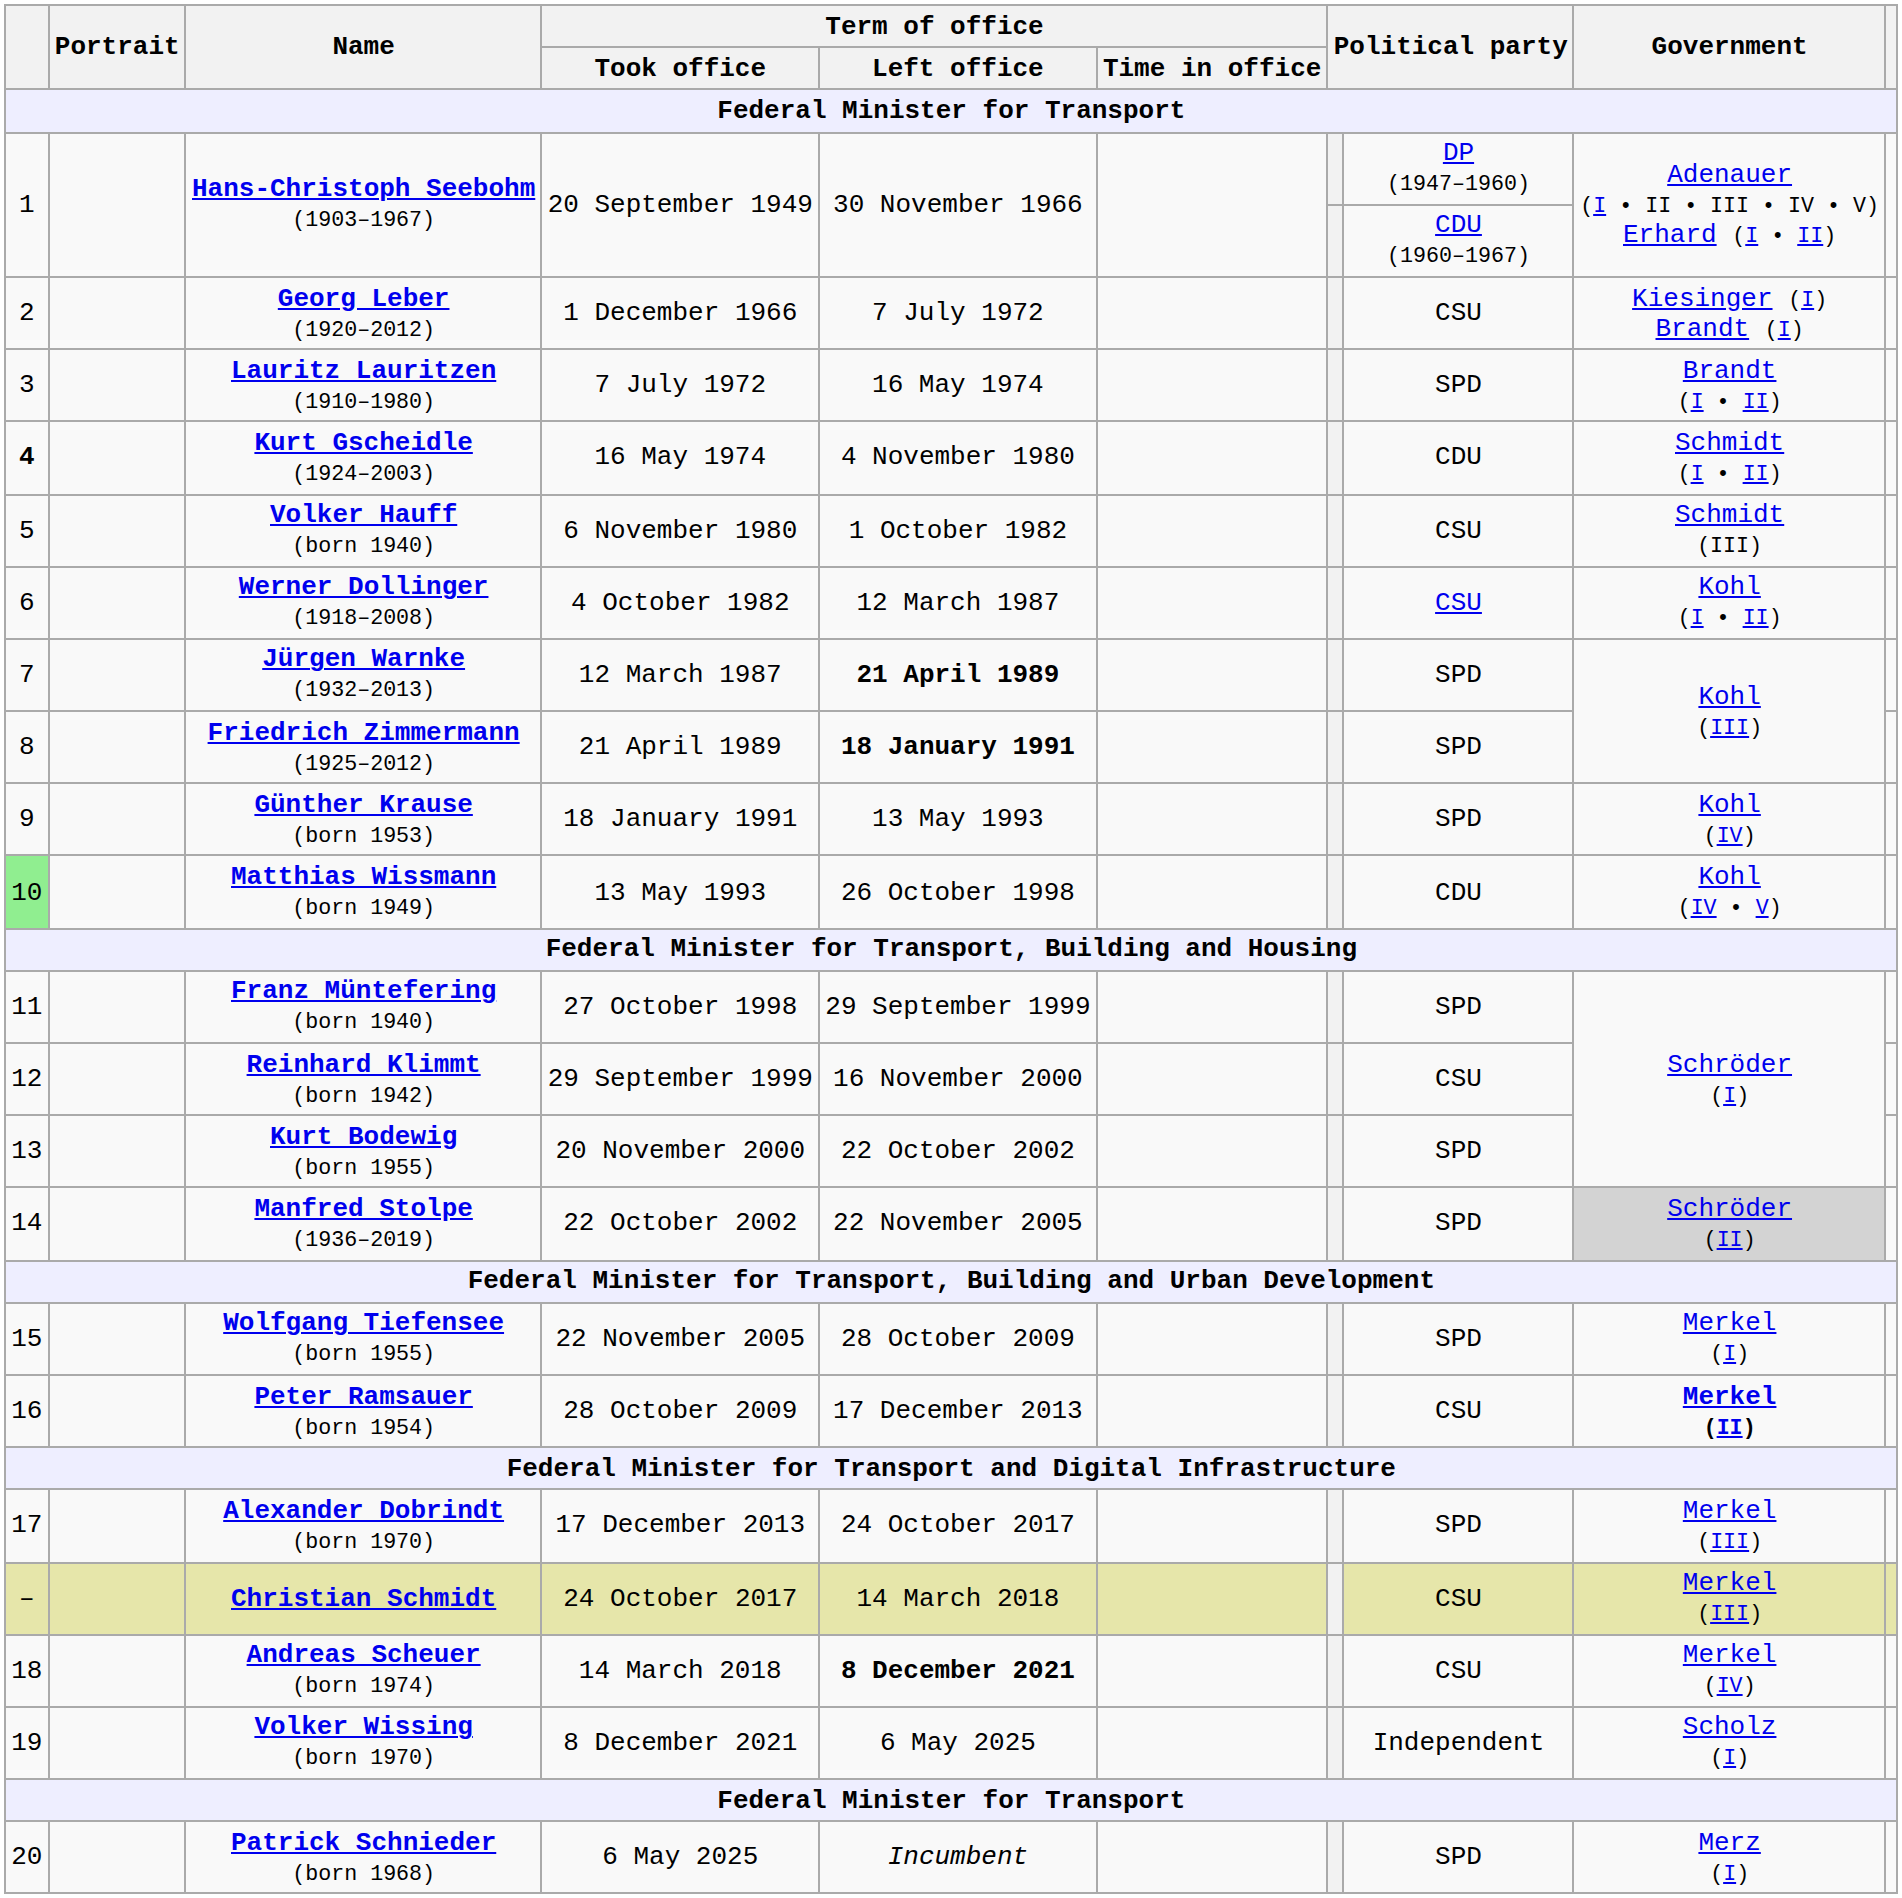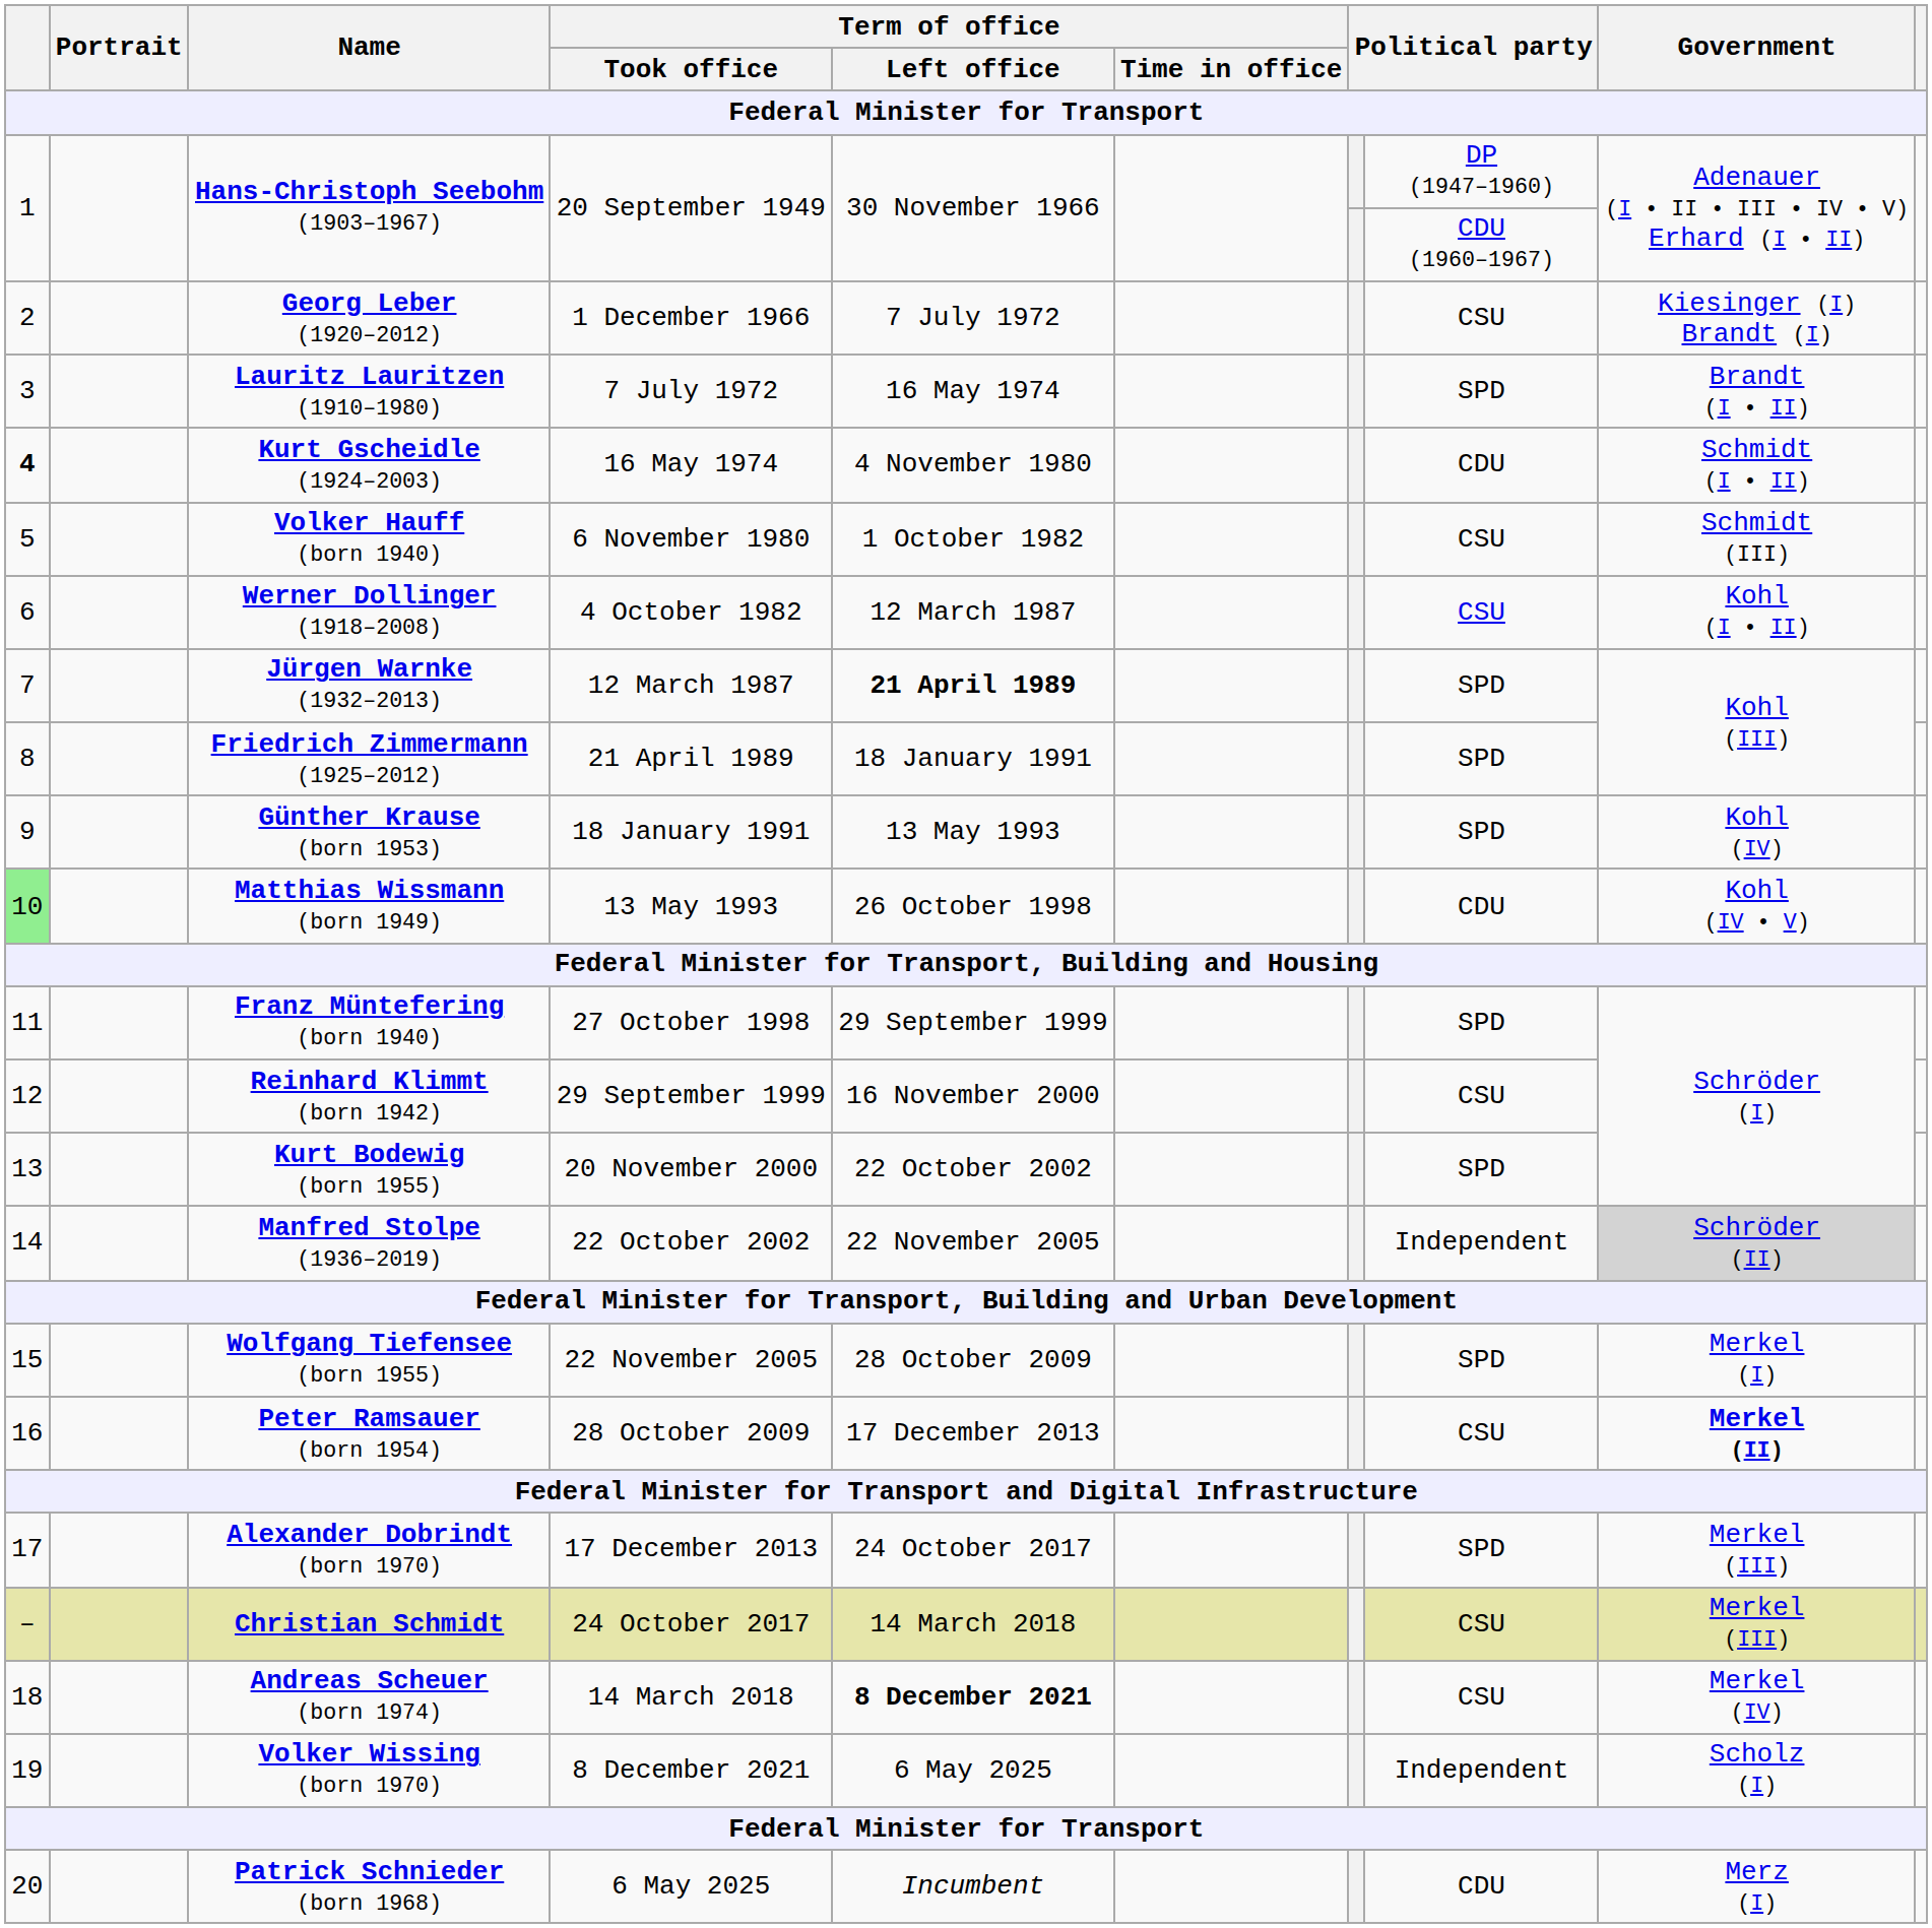 <table class="wikitable" style="text-align:center">
 <tr>
 <th rowspan="2"></th>
 <th rowspan="2">Portrait</th>
 <th rowspan="2">Name<br></th>
 <th colspan="3">Term of office</th>
 <th colspan="2" rowspan="2">Political party</th>
 <th rowspan="2">Government</th>
 <th rowspan="2"></th>
 </tr>
 <tr>
 <th>Took office</th>
 <th>Left office</th>
 <th>Time in office</th>
 </tr>
 <tr>
 <th style="background:#EEEEFF" align="center" colspan="10">Federal Minister for Transport</th>
 </tr>
 <tr>
 <td rowspan=2>1</td>
 <td rowspan=2></td>
 <td rowspan=2><strong><a href='#'>Hans-Christoph Seebohm</a></strong><br><small>(1903–1967)</small></td>
 <td rowspan=2>20 September 1949</td>
 <td rowspan=2>30 November 1966</td>
 <td rowspan=2></td>
 <th style="background:"></th>
 <td><a href='#'>DP</a><br><small>(1947–1960)</small></td>
 <td rowspan=2><a href='#'>Adenauer</a><br><small>(<a href='#'>I</a> • II • III • IV • V)</small><br><a href='#'>Erhard</a> <small>(<a href='#'>I</a> • <a href='#'>II</a>)</small></td>
 <td rowspan=2></td>
 </tr>
 <tr>
 <th style="background:"></th>
 <td><a href='#'>CDU</a><br><small>(1960–1967)</small></td>
 </tr>
 <tr>
 <td>2</td>
 <td></td>
 <td><strong><a href='#'>Georg Leber</a></strong><br><small>(1920–2012)</small></td>
 <td>1 December 1966</td>
 <td>7 July 1972</td>
 <td></td>
 <th style="background:"></th>
 <td>CSU</td>
 <td><a href='#'>Kiesinger</a> <small>(<a href='#'>I</a>)</small><br> <a href='#'>Brandt</a> <small>(<a href='#'>I</a>)</small></td>
 <td></td>
 </tr>
 <tr>
 <td>3</td>
 <td></td>
 <td><strong><a href='#'>Lauritz Lauritzen</a></strong><br><small>(1910–1980)</small></td>
 <td>7 July 1972</td>
 <td>16 May 1974</td>
 <td></td>
 <th style="background:"></th>
 <td>SPD</td>
 <td><a href='#'>Brandt</a><br><small>(<a href='#'>I</a> • <a href='#'>II</a>)</small></td>
 </tr>
 <tr>
 <td><strong>4</strong></td>
 <td></td>
 <td><strong><a href='#'>Kurt Gscheidle</a></strong><br><small>(1924–2003)</small></td>
 <td>16 May 1974</td>
 <td>4 November 1980</td>
 <td></td>
 <th style="background:"></th>
 <td>CDU</td>
 <td><a href='#'>Schmidt</a><br><small>(<a href='#'>I</a> • <a href='#'>II</a>)</small></td>
 <td></td>
 </tr>
 <tr>
 <td>5</td>
 <td></td>
 <td><strong><a href='#'>Volker Hauff</a></strong><br><small>(born 1940)</small></td>
 <td>6 November 1980</td>
 <td>1 October 1982</td>
 <td></td>
 <th style="background:"></th>
 <td>CSU</td>
 <td><a href='#'>Schmidt</a><br><small>(III)</small></td>
 <td></td>
 </tr>
 <tr>
 <td>6</td>
 <td></td>
 <td><strong><a href='#'>Werner Dollinger</a></strong><br><small>(1918–2008)</small></td>
 <td>4 October 1982</td>
 <td>12 March 1987</td>
 <td></td>
 <th style="background:"></th>
 <td><a href='#'>CSU</a></td>
 <td><a href='#'>Kohl</a><br><small>(<a href='#'>I</a> • <a href='#'>II</a>)</small></td>
 <td></td>
 </tr>
 <tr>
 <td>7</td>
 <td></td>
 <td><strong><a href='#'>Jürgen Warnke</a></strong><br><small>(1932–2013)</small></td>
 <td>12 March 1987</td>
 <td><strong>21 April 1989</strong></td>
 <td></td>
 <th style="background:"></th>
 <td>SPD</td>
 <td rowspan=2><a href='#'>Kohl</a><br><small>(<a href='#'>III</a>)</small></td>
 <td></td>
 </tr>
 <tr>
 <td>8</td>
 <td></td>
 <td><strong><a href='#'>Friedrich Zimmermann</a></strong><br><small>(1925–2012)</small></td>
 <td>21 April 1989</td>
-<td><strong>18 January 1991</strong></td>
+<td>18 January 1991</td>
 <td></td>
 <th style="background:"></th>
 <td>SPD</td>
 <td></td>
 </tr>
 <tr>
 <td>9</td>
 <td></td>
 <td><strong><a href='#'>Günther Krause</a></strong><br><small>(born 1953)</small></td>
 <td>18 January 1991</td>
 <td>13 May 1993</td>
 <td></td>
 <th style="background:"></th>
 <td>SPD</td>
 <td><a href='#'>Kohl</a><br><small>(<a href='#'>IV</a>)</small></td>
 <td></td>
 </tr>
 <tr>
 <td style="background: lightgreen;">10</td>
 <td></td>
 <td><strong><a href='#'>Matthias Wissmann</a></strong><br><small>(born 1949)</small></td>
 <td>13 May 1993</td>
 <td>26 October 1998</td>
 <td></td>
 <th style="background:"></th>
 <td>CDU</td>
 <td><a href='#'>Kohl</a><br><small>(<a href='#'>IV</a> • <a href='#'>V</a>)</small></td>
 <td></td>
 </tr>
 <tr>
 <th style="background:#EEEEFF" align="center" colspan="10">Federal Minister for Transport, Building and Housing</th>
 </tr>
 <tr>
 <td>11</td>
 <td></td>
 <td><strong><a href='#'>Franz Müntefering</a></strong><br><small>(born 1940)</small></td>
 <td>27 October 1998</td>
 <td>29 September 1999</td>
 <td></td>
 <th style="background:"></th>
 <td>SPD</td>
 <td rowspan=3><a href='#'>Schröder</a><br><small>(<a href='#'>I</a>)</small></td>
 <td></td>
 </tr>
 <tr>
 <td>12</td>
 <td></td>
 <td><strong><a href='#'>Reinhard Klimmt</a></strong><br><small>(born 1942)</small></td>
 <td>29 September 1999</td>
 <td>16 November 2000</td>
 <td></td>
 <th style="background:"></th>
 <td>CSU</td>
 <td></td>
 </tr>
 <tr>
 <td>13</td>
 <td></td>
 <td><strong><a href='#'>Kurt Bodewig</a></strong><br><small>(born 1955)</small></td>
 <td>20 November 2000</td>
 <td>22 October 2002</td>
 <td></td>
 <th style="background:"></th>
 <td>SPD</td>
 <td></td>
 </tr>
 <tr>
 <td>14</td>
 <td></td>
 <td><strong><a href='#'>Manfred Stolpe</a></strong><br><small>(1936–2019)</small></td>
 <td>22 October 2002</td>
 <td>22 November 2005</td>
 <td></td>
 <th style="background:"></th>
-<td>SPD</td>
+<td>Independent</td>
 <td style="background: lightgrey;"><a href='#'>Schröder</a><br><small>(<a href='#'>II</a>)</small></td>
 <td></td>
 </tr>
 <tr>
 <th style="background:#EEEEFF" align="center" colspan="10">Federal Minister for Transport, Building and Urban Development</th>
 </tr>
 <tr>
 <td>15</td>
 <td></td>
 <td><strong><a href='#'>Wolfgang Tiefensee</a></strong><br><small>(born 1955)</small></td>
 <td>22 November 2005</td>
 <td>28 October 2009</td>
 <td></td>
 <th style="background:"></th>
 <td>SPD</td>
 <td><a href='#'>Merkel</a><br><small>(<a href='#'>I</a>)</small></td>
 <td></td>
 </tr>
 <tr>
 <td>16</td>
 <td></td>
 <td><strong><a href='#'>Peter Ramsauer</a></strong><br><small>(born 1954)</small></td>
 <td>28 October 2009</td>
 <td>17 December 2013</td>
 <td></td>
 <th style="background:"></th>
 <td>CSU</td>
 <td><strong><a href='#'>Merkel</a><br><small>(<a href='#'>II</a>)</small></strong></td>
 <td></td>
 </tr>
 <tr>
 <th style="background:#EEEEFF" align="center" colspan="10">Federal Minister for Transport and Digital Infrastructure</th>
 </tr>
 <tr>
 <td>17</td>
 <td></td>
 <td><strong><a href='#'>Alexander Dobrindt</a></strong><br><small>(born 1970)</small></td>
 <td>17 December 2013</td>
 <td>24 October 2017</td>
 <td></td>
 <th style="background:"></th>
 <td>SPD</td>
 <td><a href='#'>Merkel</a><br><small>(<a href='#'>III</a>)</small></td>
 <td></td>
 </tr>
 <tr style="background-color: #E6E6AA">
 <td>–</td>
 <td></td>
 <td><strong><a href='#'>Christian Schmidt</a></strong><br></td>
 <td>24 October 2017</td>
 <td>14 March 2018</td>
 <td></td>
 <th style="background:"></th>
 <td>CSU</td>
 <td><a href='#'>Merkel</a><br><small>(<a href='#'>III</a>)</small></td>
 <td></td>
 </tr>
 <tr>
 <td>18</td>
 <td></td>
 <td><strong><a href='#'>Andreas Scheuer</a></strong><br><small>(born 1974)</small></td>
 <td>14 March 2018</td>
 <td><strong>8 December 2021</strong></td>
 <td></td>
 <th style="background:"></th>
 <td>CSU</td>
 <td><a href='#'>Merkel</a><br><small>(<a href='#'>IV</a>)</small></td>
 <td></td>
 </tr>
 <tr>
 <td>19</td>
 <td></td>
 <td><strong><a href='#'>Volker Wissing</a></strong><br><small>(born 1970)</small></td>
 <td>8 December 2021</td>
 <td>6 May 2025</td>
 <td></td>
 <th style="background:"></th>
 <td>Independent</td>
 <td><a href='#'>Scholz</a><br><small>(<a href='#'>I</a>)</small></td>
 <td></td>
 </tr>
 <tr>
 <th style="background:#EEEEFF" align="center" colspan="10">Federal Minister for Transport</th>
 </tr>
 <tr>
 <td>20</td>
 <td></td>
 <td><strong><a href='#'>Patrick Schnieder</a></strong><br><small>(born 1968)</small></td>
 <td>6 May 2025</td>
 <td><em>Incumbent</em></td>
 <td></td>
 <th style="background:"></th>
-<td>SPD</td>
+<td>CDU</td>
 <td><a href='#'>Merz</a><br><small>(<a href='#'>I</a>)</small></td>
 <td></td>
 </tr>
 </table>
